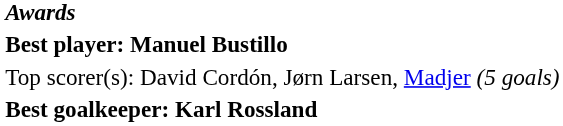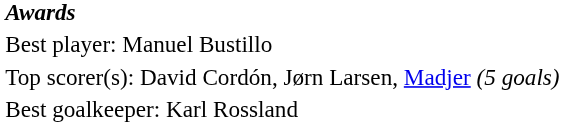 <table width=100% cellspacing=1 style="font-size: 90%;">
 <tr>
 <td><strong><em>Awards</em></strong></td>
 </tr>
 <tr>
-<td><strong>Best player:  Manuel Bustillo</strong></td>
+<td>Best player:  Manuel Bustillo</td>
 </tr>
 <tr>
 <td colspan=4>Top scorer(s):  David Cordón,  Jørn Larsen,  <a href='#'>Madjer</a> <em>(5 goals)</em></td>
 </tr>
 <tr>
-<td><strong>Best goalkeeper:  Karl Rossland</strong></td>
+<td>Best goalkeeper:  Karl Rossland</td>
 </tr>
 </table>
